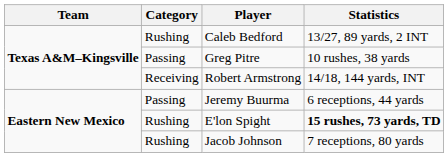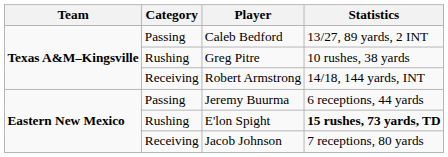 <table class="wikitable" style="float: left;">
 <tr>
 <th>Team</th>
 <th>Category</th>
 <th>Player</th>
 <th>Statistics</th>
 </tr>
 <tr>
 <td rowspan=3><strong>Texas A&M–Kingsville</strong></td>
-<td>Rushing</td>
+<td>Passing</td>
 <td>Caleb Bedford</td>
 <td>13/27, 89 yards, 2 INT</td>
 </tr>
 <tr>
-<td>Passing</td>
+<td>Rushing</td>
 <td>Greg Pitre</td>
 <td>10 rushes, 38 yards</td>
 </tr>
 <tr>
 <td>Receiving</td>
 <td>Robert Armstrong</td>
 <td>14/18, 144 yards, INT</td>
 </tr>
 <tr>
 <td rowspan=3><strong>Eastern New Mexico</strong></td>
 <td>Passing</td>
 <td>Jeremy Buurma</td>
 <td>6 receptions, 44 yards</td>
 </tr>
 <tr>
 <td>Rushing</td>
 <td>E'lon Spight</td>
 <td><strong>15 rushes, 73 yards, TD</strong></td>
 </tr>
 <tr>
-<td>Rushing</td>
+<td>Receiving</td>
 <td>Jacob Johnson</td>
 <td>7 receptions, 80 yards</td>
 </tr>
 </table>
